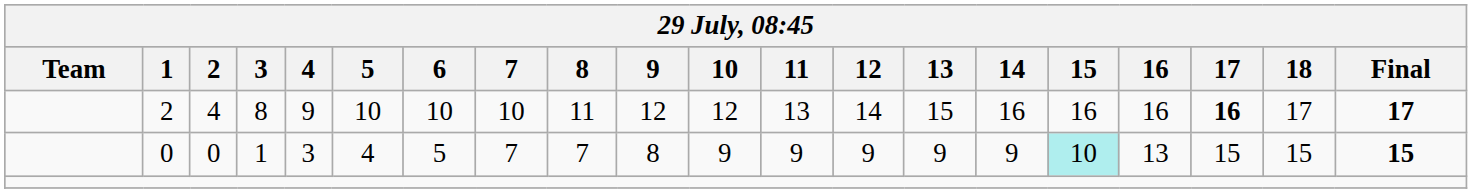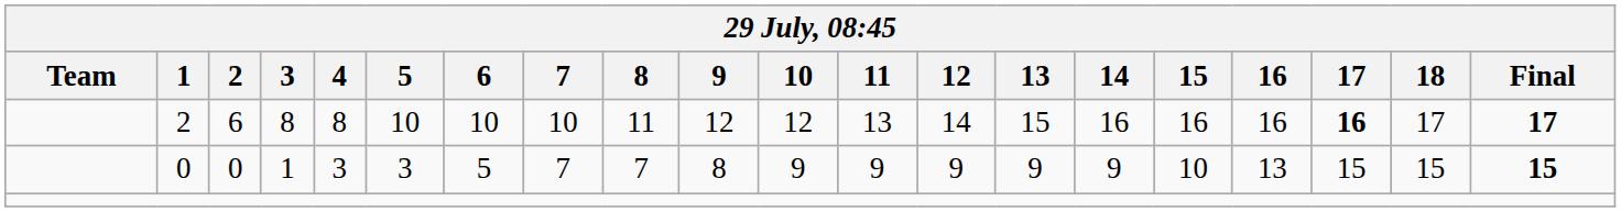 <table class=wikitable style="text-align:center; width: 55%">
 <tr>
 <th colspan=20><em>29 July, 08:45</em></th>
 </tr>
 <tr>
 <th>Team</th>
 <th>1</th>
 <th>2</th>
 <th>3</th>
 <th>4</th>
 <th>5</th>
 <th>6</th>
 <th>7</th>
 <th>8</th>
 <th>9</th>
 <th>10</th>
 <th>11</th>
 <th>12</th>
 <th>13</th>
 <th>14</th>
 <th>15</th>
 <th>16</th>
 <th>17</th>
 <th>18</th>
 <th>Final</th>
 </tr>
 <tr>
 <td align=left><strong></strong></td>
 <td>2</td>
-<td>4</td>
+<td>6</td>
 <td>8</td>
-<td>9</td>
+<td>8</td>
 <td>10</td>
 <td>10</td>
 <td>10</td>
 <td>11</td>
 <td>12</td>
 <td>12</td>
 <td>13</td>
 <td>14</td>
 <td>15</td>
 <td>16</td>
 <td>16</td>
 <td>16</td>
 <td><strong>16</strong></td>
 <td>17</td>
 <td><strong>17</strong></td>
 </tr>
 <tr>
 <td align=left></td>
 <td>0</td>
 <td>0</td>
 <td>1</td>
 <td>3</td>
-<td>4</td>
+<td>3</td>
 <td>5</td>
 <td>7</td>
 <td>7</td>
 <td>8</td>
 <td>9</td>
 <td>9</td>
 <td>9</td>
 <td>9</td>
 <td>9</td>
-<td style="background: paleturquoise;">10</td>
+<td>10</td>
 <td>13</td>
 <td>15</td>
 <td>15</td>
 <td><strong>15</strong></td>
 </tr>
 <tr>
 <td colspan=20></td>
 </tr>
 </table>
